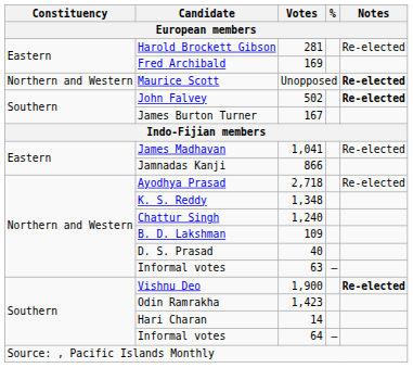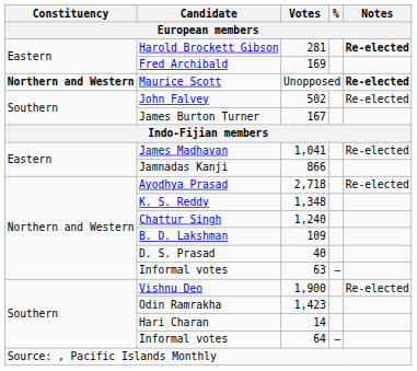 <table class=wikitable style=text-align:right>
 <tr>
 <th>Constituency</th>
 <th>Candidate</th>
 <th>Votes</th>
 <th>%</th>
 <th>Notes</th>
 </tr>
 <tr>
 <th colspan=5>European members</th>
 </tr>
 <tr>
 <td align=left rowspan=2>Eastern</td>
 <td align=left><a href='#'>Harold Brockett Gibson</a></td>
 <td>281</td>
 <td></td>
-<td align=left>Re-elected</td>
+<td align=left><strong>Re-elected</strong></td>
 </tr>
 <tr>
 <td align=left><a href='#'>Fred Archibald</a></td>
 <td>169</td>
 <td></td>
 <td></td>
 </tr>
 <tr>
-<td align=left>Northern and Western</td>
+<td align=left><strong>Northern and Western</strong></td>
 <td align=left><a href='#'>Maurice Scott</a></td>
 <td colspan=2 align=center>Unopposed</td>
 <td align=left><strong>Re-elected</strong></td>
 </tr>
 <tr>
 <td align=left rowspan=2>Southern</td>
 <td align=left><a href='#'>John Falvey</a></td>
 <td>502</td>
 <td></td>
-<td align=left><strong>Re-elected</strong></td>
+<td align=left>Re-elected</td>
 </tr>
 <tr>
 <td align=left>James Burton Turner</td>
 <td>167</td>
 <td></td>
 <td></td>
 </tr>
 <tr>
 <th colspan=5>Indo-Fijian members</th>
 </tr>
 <tr>
 <td align=left rowspan=2>Eastern</td>
 <td align=left><a href='#'>James Madhavan</a></td>
 <td>1,041</td>
 <td></td>
 <td align=left>Re-elected</td>
 </tr>
 <tr>
 <td align=left>Jamnadas Kanji</td>
 <td>866</td>
 <td></td>
 <td></td>
 </tr>
 <tr>
 <td align=left rowspan=6>Northern and Western</td>
 <td align=left><a href='#'>Ayodhya Prasad</a></td>
 <td>2,718</td>
 <td></td>
 <td align=left>Re-elected</td>
 </tr>
 <tr>
 <td align=left><a href='#'>K. S. Reddy</a></td>
 <td>1,348</td>
 <td></td>
 <td></td>
 </tr>
 <tr>
 <td align=left><a href='#'>Chattur Singh</a></td>
 <td>1,240</td>
 <td></td>
 <td></td>
 </tr>
 <tr>
 <td align=left><a href='#'>B. D. Lakshman</a></td>
 <td>109</td>
 <td></td>
 <td></td>
 </tr>
 <tr>
 <td align=left>D. S. Prasad</td>
 <td>40</td>
 <td></td>
 <td></td>
 </tr>
 <tr>
 <td align=left>Informal votes</td>
 <td>63</td>
 <td>–</td>
 <td></td>
 </tr>
 <tr>
 <td align=left rowspan=4>Southern</td>
 <td align=left><a href='#'>Vishnu Deo</a></td>
 <td>1,900</td>
 <td></td>
-<td align=left><strong>Re-elected</strong></td>
+<td align=left>Re-elected</td>
 </tr>
 <tr>
 <td align=left>Odin Ramrakha</td>
 <td>1,423</td>
 <td></td>
 <td></td>
 </tr>
 <tr>
 <td align=left>Hari Charan</td>
 <td>14</td>
 <td></td>
 <td></td>
 </tr>
 <tr>
 <td align=left>Informal votes</td>
 <td>64</td>
 <td>–</td>
 <td></td>
 </tr>
 <tr>
 <td align=left colspan=5>Source: , Pacific Islands Monthly</td>
 </tr>
 </table>
